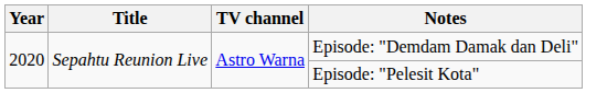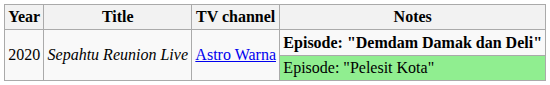 <table class="wikitable">
 <tr>
 <th>Year</th>
 <th>Title</th>
 <th>TV channel</th>
 <th>Notes</th>
 </tr>
 <tr>
 <td rowspan="2">2020</td>
 <td rowspan="2"><em>Sepahtu Reunion Live</em></td>
 <td rowspan="2"><a href='#'>Astro Warna</a></td>
-<td>Episode: "Demdam Damak dan Deli"</td>
+<td><strong>Episode: "Demdam Damak dan Deli"</strong></td>
 </tr>
 <tr>
-<td>Episode: "Pelesit Kota"</td>
+<td style="background: lightgreen;">Episode: "Pelesit Kota"</td>
 </tr>
 <tr>
 </tr>
 </table>
